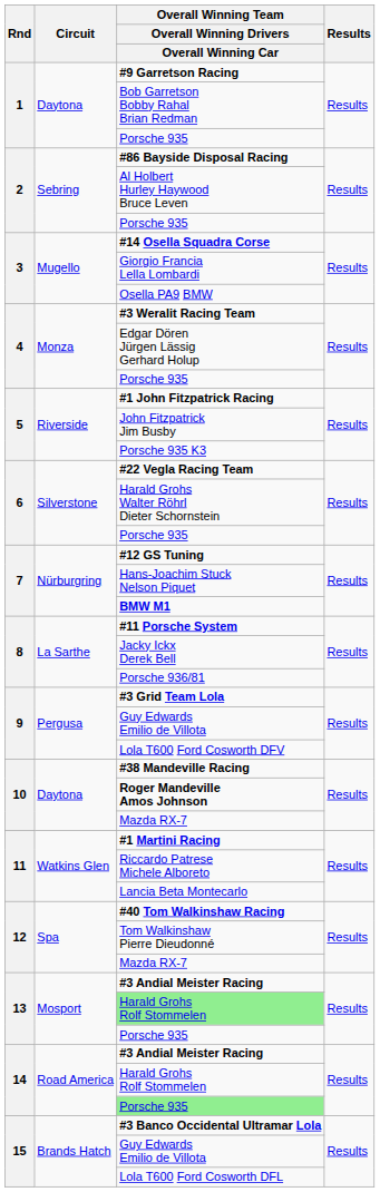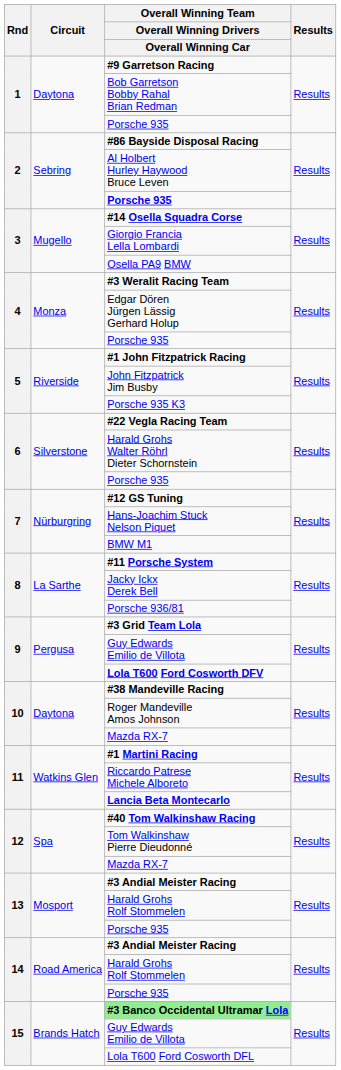 <table class="wikitable" style="font-size: 90%;">
 <tr>
 <th rowspan=3>Rnd</th>
 <th rowspan=3>Circuit</th>
 <th>Overall Winning Team</th>
 <th rowspan=3>Results</th>
 </tr>
 <tr>
 <th>Overall Winning Drivers</th>
 </tr>
 <tr>
 <th>Overall Winning Car</th>
 </tr>
 <tr>
 <th rowspan=3>1</th>
 <td rowspan=3><a href='#'>Daytona</a></td>
 <td><strong> #9 Garretson Racing</strong></td>
 <td rowspan=3><a href='#'>Results</a></td>
 </tr>
 <tr>
 <td> <a href='#'>Bob Garretson</a><br> <a href='#'>Bobby Rahal</a><br> <a href='#'>Brian Redman</a></td>
 </tr>
 <tr>
 <td><a href='#'>Porsche 935</a></td>
 </tr>
 <tr>
 <th rowspan=3>2</th>
 <td rowspan=3><a href='#'>Sebring</a></td>
 <td><strong> #86 Bayside Disposal Racing</strong></td>
 <td rowspan=3><a href='#'>Results</a></td>
 </tr>
 <tr>
 <td> <a href='#'>Al Holbert</a><br> <a href='#'>Hurley Haywood</a><br> Bruce Leven</td>
 </tr>
 <tr>
-<td><a href='#'>Porsche 935</a></td>
+<td><strong><a href='#'>Porsche 935</a></strong></td>
 </tr>
 <tr>
 <th rowspan=3>3</th>
 <td rowspan=3><a href='#'>Mugello</a></td>
 <td><strong> #14 <a href='#'>Osella Squadra Corse</a></strong></td>
 <td rowspan=3><a href='#'>Results</a></td>
 </tr>
 <tr>
 <td> <a href='#'>Giorgio Francia</a><br> <a href='#'>Lella Lombardi</a></td>
 </tr>
 <tr>
 <td><a href='#'>Osella PA9</a> <a href='#'>BMW</a></td>
 </tr>
 <tr>
 <th rowspan=3>4</th>
 <td rowspan=3><a href='#'>Monza</a></td>
 <td><strong> #3 Weralit Racing Team</strong></td>
 <td rowspan=3><a href='#'>Results</a></td>
 </tr>
 <tr>
 <td> Edgar Dören<br> Jürgen Lässig<br> Gerhard Holup</td>
 </tr>
 <tr>
 <td><a href='#'>Porsche 935</a></td>
 </tr>
 <tr>
 <th rowspan=3>5</th>
 <td rowspan=3><a href='#'>Riverside</a></td>
 <td><strong> #1 John Fitzpatrick Racing</strong></td>
 <td rowspan=3><a href='#'>Results</a></td>
 </tr>
 <tr>
 <td> <a href='#'>John Fitzpatrick</a><br> Jim Busby</td>
 </tr>
 <tr>
 <td><a href='#'>Porsche 935 K3</a></td>
 </tr>
 <tr>
 <th rowspan=3>6</th>
 <td rowspan=3><a href='#'>Silverstone</a></td>
 <td><strong> #22 Vegla Racing Team</strong></td>
 <td rowspan=3><a href='#'>Results</a></td>
 </tr>
 <tr>
 <td> <a href='#'>Harald Grohs</a><br> <a href='#'>Walter Röhrl</a><br> Dieter Schornstein</td>
 </tr>
 <tr>
 <td><a href='#'>Porsche 935</a></td>
 </tr>
 <tr>
 <th rowspan=3>7</th>
 <td rowspan=3><a href='#'>Nürburgring</a></td>
 <td><strong> #12 GS Tuning</strong></td>
 <td rowspan=3><a href='#'>Results</a></td>
 </tr>
 <tr>
 <td> <a href='#'>Hans-Joachim Stuck</a><br> <a href='#'>Nelson Piquet</a></td>
 </tr>
 <tr>
-<td><strong><a href='#'>BMW M1</a></strong></td>
+<td><a href='#'>BMW M1</a></td>
 </tr>
 <tr>
 <th rowspan=3>8</th>
 <td rowspan=3><a href='#'>La Sarthe</a></td>
 <td><strong> #11 <a href='#'>Porsche System</a></strong></td>
 <td rowspan=3><a href='#'>Results</a></td>
 </tr>
 <tr>
 <td> <a href='#'>Jacky Ickx</a><br> <a href='#'>Derek Bell</a></td>
 </tr>
 <tr>
 <td><a href='#'>Porsche 936/81</a></td>
 </tr>
 <tr>
 <th rowspan=3>9</th>
 <td rowspan=3><a href='#'>Pergusa</a></td>
 <td><strong> #3 Grid <a href='#'>Team Lola</a></strong></td>
 <td rowspan=3><a href='#'>Results</a></td>
 </tr>
 <tr>
 <td> <a href='#'>Guy Edwards</a><br> <a href='#'>Emilio de Villota</a></td>
 </tr>
 <tr>
-<td><a href='#'>Lola T600</a> <a href='#'>Ford Cosworth DFV</a></td>
+<td><strong><a href='#'>Lola T600</a> <a href='#'>Ford Cosworth DFV</a></strong></td>
 </tr>
 <tr>
 <th rowspan=3>10</th>
 <td rowspan=3><a href='#'>Daytona</a></td>
 <td><strong> #38 Mandeville Racing</strong></td>
 <td rowspan=3><a href='#'>Results</a></td>
 </tr>
 <tr>
-<td><strong> Roger Mandeville<br> Amos Johnson</strong></td>
+<td> Roger Mandeville<br> Amos Johnson</td>
 </tr>
 <tr>
 <td><a href='#'>Mazda RX-7</a></td>
 </tr>
 <tr>
 <th rowspan=3>11</th>
 <td rowspan=3><a href='#'>Watkins Glen</a></td>
 <td><strong> #1 <a href='#'>Martini Racing</a></strong></td>
 <td rowspan=3><a href='#'>Results</a></td>
 </tr>
 <tr>
 <td> <a href='#'>Riccardo Patrese</a><br> <a href='#'>Michele Alboreto</a></td>
 </tr>
 <tr>
-<td><a href='#'>Lancia Beta Montecarlo</a></td>
+<td><strong><a href='#'>Lancia Beta Montecarlo</a></strong></td>
 </tr>
 <tr>
 <th rowspan=3>12</th>
 <td rowspan=3><a href='#'>Spa</a></td>
 <td><strong> #40 <a href='#'>Tom Walkinshaw Racing</a></strong></td>
 <td rowspan=3><a href='#'>Results</a></td>
 </tr>
 <tr>
 <td> <a href='#'>Tom Walkinshaw</a><br> Pierre Dieudonné</td>
 </tr>
 <tr>
 <td><a href='#'>Mazda RX-7</a></td>
 </tr>
 <tr>
 <th rowspan=3>13</th>
 <td rowspan=3><a href='#'>Mosport</a></td>
 <td><strong> #3 Andial Meister Racing</strong></td>
 <td rowspan=3><a href='#'>Results</a></td>
 </tr>
 <tr>
-<td style="background: lightgreen;"> <a href='#'>Harald Grohs</a><br> <a href='#'>Rolf Stommelen</a></td>
+<td> <a href='#'>Harald Grohs</a><br> <a href='#'>Rolf Stommelen</a></td>
 </tr>
 <tr>
 <td><a href='#'>Porsche 935</a></td>
 </tr>
 <tr>
 <th rowspan=3>14</th>
 <td rowspan=3><a href='#'>Road America</a></td>
 <td><strong> #3 Andial Meister Racing</strong></td>
 <td rowspan=3><a href='#'>Results</a></td>
 </tr>
 <tr>
 <td> <a href='#'>Harald Grohs</a><br> <a href='#'>Rolf Stommelen</a></td>
 </tr>
 <tr>
-<td style="background: lightgreen;"><a href='#'>Porsche 935</a></td>
+<td><a href='#'>Porsche 935</a></td>
 </tr>
 <tr>
 <th rowspan=3>15</th>
 <td rowspan=3><a href='#'>Brands Hatch</a></td>
-<td><strong> #3 Banco Occidental Ultramar <a href='#'>Lola</a></strong></td>
+<td style="background: lightgreen;"><strong> #3 Banco Occidental Ultramar <a href='#'>Lola</a></strong></td>
 <td rowspan=3><a href='#'>Results</a></td>
 </tr>
 <tr>
 <td> <a href='#'>Guy Edwards</a><br> <a href='#'>Emilio de Villota</a></td>
 </tr>
 <tr>
 <td><a href='#'>Lola T600</a> <a href='#'>Ford Cosworth DFL</a></td>
 </tr>
 </table>
